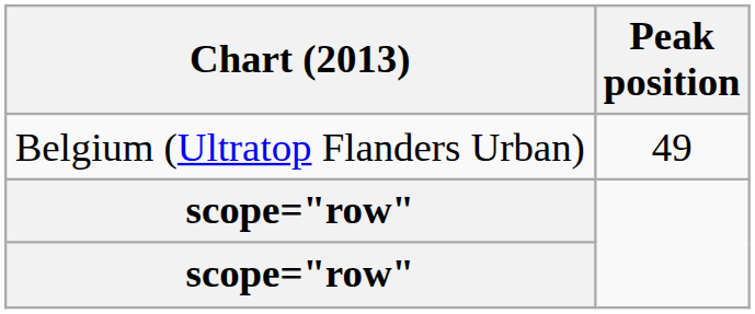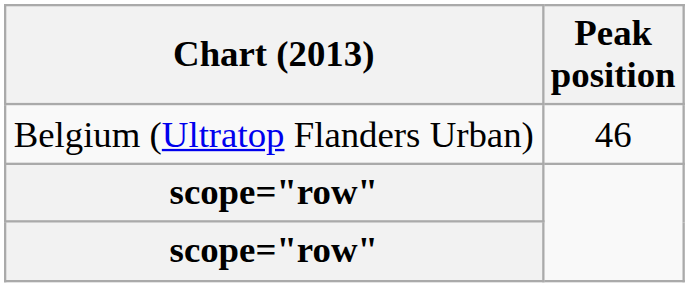 <table class="wikitable plainrowheaders sortable" style="text-align:center;">
 <tr>
 <th scope="col">Chart (2013)</th>
 <th scope="col">Peak<br>position</th>
 </tr>
 <tr>
 <td>Belgium (<a href='#'>Ultratop</a> Flanders Urban)</td>
-<td align=center>49</td>
+<td align=center>46</td>
 </tr>
 <tr>
 <th>scope="row"</th>
 </tr>
 <tr>
 <th>scope="row"</th>
 </tr>
 </table>
